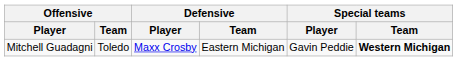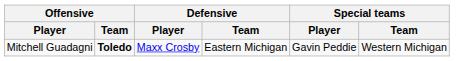 <table class="wikitable" style="display: inline-table;">
 <tr>
 <th colspan="2">Offensive</th>
 <th colspan="2">Defensive</th>
 <th colspan="2">Special teams</th>
 </tr>
 <tr>
 <th>Player</th>
 <th>Team</th>
 <th>Player</th>
 <th>Team</th>
 <th>Player</th>
 <th>Team</th>
 </tr>
 <tr>
 <td>Mitchell Guadagni</td>
-<td>Toledo</td>
+<td><strong>Toledo</strong></td>
 <td><a href='#'>Maxx Crosby</a></td>
 <td>Eastern Michigan</td>
 <td>Gavin Peddie</td>
-<td><strong>Western Michigan</strong></td>
+<td>Western Michigan</td>
 </tr>
 </table>
